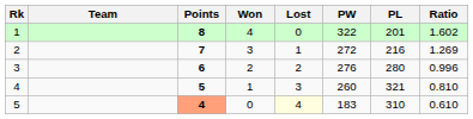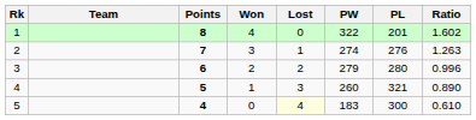 <table class=wikitable style="text-align:center">
 <tr bgcolor="#DCDCDC">
 <th width="25">Rk</th>
 <th width="200">Team</th>
 <th width="60">Points</th>
 <th width="60">Won</th>
 <th width="60">Lost</th>
 <th width="60">PW</th>
 <th width="60">PL</th>
 <th width="60">Ratio</th>
 </tr>
 <tr bgcolor=#CCFFCC>
 <td>1</td>
 <td align=left></td>
 <td><strong>8</strong></td>
 <td>4</td>
 <td>0</td>
 <td>322</td>
 <td>201</td>
 <td>1.602</td>
 </tr>
 <tr>
 <td>2</td>
 <td align=left></td>
 <td><strong>7</strong></td>
 <td>3</td>
 <td>1</td>
-<td>272</td>
-<td>216</td>
-<td>1.269</td>
+<td>274</td>
+<td>276</td>
+<td>1.263</td>
 </tr>
 <tr>
 <td>3</td>
 <td align=left></td>
 <td><strong>6</strong></td>
 <td>2</td>
 <td>2</td>
-<td>276</td>
+<td>279</td>
 <td>280</td>
 <td>0.996</td>
 </tr>
 <tr>
 <td>4</td>
 <td align=left></td>
 <td><strong>5</strong></td>
 <td>1</td>
 <td>3</td>
 <td>260</td>
 <td>321</td>
-<td>0.810</td>
+<td>0.890</td>
 </tr>
 <tr>
 <td>5</td>
 <td align=left></td>
-<td style="background: lightsalmon;"><strong>4</strong></td>
+<td><strong>4</strong></td>
 <td>0</td>
 <td style="background: lightyellow;">4</td>
 <td>183</td>
-<td>310</td>
+<td>300</td>
 <td>0.610</td>
 </tr>
 </table>
